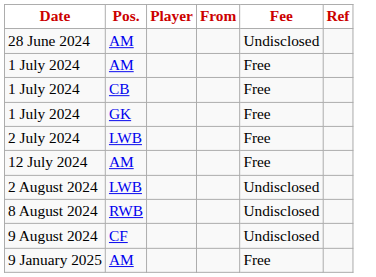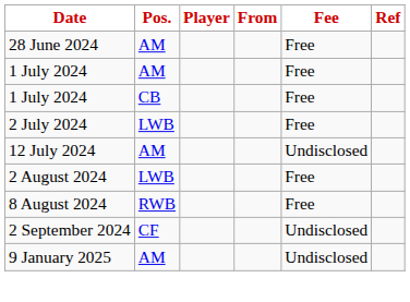 <table class="wikitable plainrowheaders sortable">
 <tr>
 <th style="background:#ffffff;color:#cc0000;">Date</th>
 <th style="background:#ffffff;color:#cc0000;">Pos.</th>
 <th style="background:#ffffff;color:#cc0000;">Player</th>
 <th style="background:#ffffff;color:#cc0000;">From</th>
 <th style="background:#ffffff;color:#cc0000;">Fee</th>
 <th style="background:#ffffff;color:#cc0000;">Ref</th>
 </tr>
 <tr>
 <td>28 June 2024</td>
 <td><a href='#'>AM</a></td>
 <td></td>
 <td></td>
-<td>Undisclosed</td>
+<td>Free</td>
 <td></td>
 </tr>
 <tr>
 <td>1 July 2024</td>
 <td><a href='#'>AM</a></td>
 <td></td>
 <td></td>
 <td>Free</td>
 <td></td>
 </tr>
 <tr>
 <td>1 July 2024</td>
 <td><a href='#'>CB</a></td>
 <td></td>
 <td></td>
 <td>Free</td>
 <td></td>
 </tr>
 <tr>
-<td>1 July 2024</td>
-<td><a href='#'>GK</a></td>
-<td></td>
-<td></td>
-<td>Free</td>
-<td></td>
-</tr>
-<tr>
 <td>2 July 2024</td>
 <td><a href='#'>LWB</a></td>
 <td></td>
 <td></td>
 <td>Free</td>
 <td></td>
 </tr>
 <tr>
 <td>12 July 2024</td>
 <td><a href='#'>AM</a></td>
 <td></td>
 <td></td>
-<td>Free</td>
+<td>Undisclosed</td>
 <td></td>
 </tr>
 <tr>
 <td>2 August 2024</td>
 <td><a href='#'>LWB</a></td>
 <td></td>
 <td></td>
-<td>Undisclosed</td>
+<td>Free</td>
 <td></td>
 </tr>
 <tr>
 <td>8 August 2024</td>
 <td><a href='#'>RWB</a></td>
 <td></td>
 <td></td>
-<td>Undisclosed</td>
+<td>Free</td>
 <td></td>
 </tr>
 <tr>
-<td>9 August 2024</td>
+<td>2 September 2024</td>
 <td><a href='#'>CF</a></td>
 <td></td>
 <td></td>
 <td>Undisclosed</td>
 <td></td>
 </tr>
 <tr>
 <td>9 January 2025</td>
 <td><a href='#'>AM</a></td>
 <td></td>
 <td></td>
-<td>Free</td>
+<td>Undisclosed</td>
 <td></td>
 </tr>
 </table>
